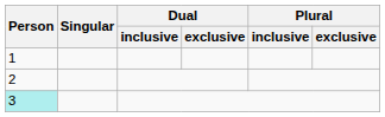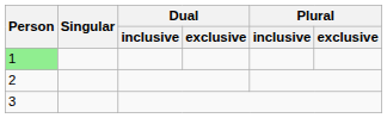 <table class="wikitable">
 <tr>
 <th rowspan="2">Person</th>
 <th rowspan="2">Singular</th>
 <th colspan="2">Dual</th>
 <th colspan="2">Plural</th>
 </tr>
 <tr>
 <th>inclusive</th>
 <th>exclusive</th>
 <th>inclusive</th>
 <th>exclusive</th>
 </tr>
 <tr>
-<td>1</td>
+<td style="background: lightgreen;">1</td>
 <td></td>
 <td></td>
 <td></td>
 <td></td>
 <td></td>
 </tr>
 <tr>
 <td>2</td>
 <td></td>
 <td colspan="2"></td>
 <td colspan="2"></td>
 </tr>
 <tr>
-<td style="background: paleturquoise;">3</td>
+<td>3</td>
 <td></td>
 <td colspan="4"></td>
 </tr>
 </table>
